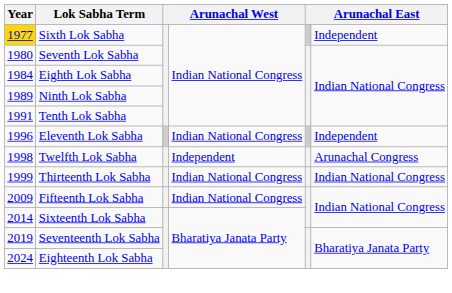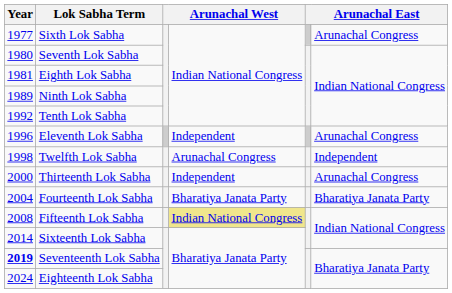 <table class="wikitable">
 <tr>
 <th>Year</th>
 <th>Lok Sabha Term</th>
 <th colspan=2><a href='#'>Arunachal West</a></th>
 <th colspan=2><a href='#'>Arunachal East</a></th>
 </tr>
 <tr>
-<td style="background: gold;"><a href='#'>1977</a></td>
+<td><a href='#'>1977</a></td>
 <td><a href='#'>Sixth Lok Sabha</a></td>
 <th rowspan="5" style="background-color: "></th>
 <td rowspan="5"><a href='#'>Indian National Congress</a></td>
 <th style="background:#CDCDCD; color:white;"></th>
-<td><a href='#'>Independent</a></td>
+<td><a href='#'>Arunachal Congress</a></td>
 </tr>
 <tr>
 <td><a href='#'>1980</a></td>
 <td><a href='#'>Seventh Lok Sabha</a></td>
 <th rowspan="4" style="background-color: "></th>
 <td rowspan="4"><a href='#'>Indian National Congress</a></td>
 </tr>
 <tr>
-<td><a href='#'>1984</a></td>
+<td><a href='#'>1981</a></td>
 <td><a href='#'>Eighth Lok Sabha</a></td>
 </tr>
 <tr>
 <td><a href='#'>1989</a></td>
 <td><a href='#'>Ninth Lok Sabha</a></td>
 </tr>
 <tr>
-<td><a href='#'>1991</a></td>
+<td><a href='#'>1992</a></td>
 <td><a href='#'>Tenth Lok Sabha</a></td>
 </tr>
 <tr>
 <td><a href='#'>1996</a></td>
 <td><a href='#'>Eleventh Lok Sabha</a></td>
 <th style="background:#CDCDCD; color:white;"></th>
-<td><a href='#'>Indian National Congress</a></td>
+<td><a href='#'>Independent</a></td>
 <th style="background:#CDCDCD; color:white;"></th>
-<td><a href='#'>Independent</a></td>
+<td><a href='#'>Arunachal Congress</a></td>
 </tr>
 <tr>
 <td><a href='#'>1998</a></td>
 <td><a href='#'>Twelfth Lok Sabha</a></td>
+<th style="background-color: "></th>
+<td><a href='#'>Arunachal Congress</a></td>
+<th style="background-color: "></th>
+<td><a href='#'>Independent</a></td>
+</tr>
+<tr>
+<td><a href='#'>2000</a></td>
+<td><a href='#'>Thirteenth Lok Sabha</a></td>
 <th style="background-color: "></th>
 <td><a href='#'>Independent</a></td>
 <th style="background-color: "></th>
 <td><a href='#'>Arunachal Congress</a></td>
 </tr>
 <tr>
-<td><a href='#'>1999</a></td>
-<td><a href='#'>Thirteenth Lok Sabha</a></td>
+<td><a href='#'>2004</a></td>
+<td><a href='#'>Fourteenth Lok Sabha</a></td>
 <th style="background-color: "></th>
-<td><a href='#'>Indian National Congress</a></td>
+<td><a href='#'>Bharatiya Janata Party</a></td>
 <th style="background-color: "></th>
-<td><a href='#'>Indian National Congress</a></td>
+<td><a href='#'>Bharatiya Janata Party</a></td>
 </tr>
 <tr>
-<td><a href='#'>2009</a></td>
+<td><a href='#'>2008</a></td>
 <td><a href='#'>Fifteenth Lok Sabha</a></td>
 <th style="background-color: "></th>
-<td><a href='#'>Indian National Congress</a></td>
+<td style="background: khaki;"><a href='#'>Indian National Congress</a></td>
 <th rowspan="2" style="background-color: "></th>
 <td rowspan="2"><a href='#'>Indian National Congress</a></td>
 </tr>
 <tr>
 <td><a href='#'>2014</a></td>
 <td><a href='#'>Sixteenth Lok Sabha</a></td>
 <th rowspan="3" style="background-color: "></th>
 <td rowspan="3"><a href='#'>Bharatiya Janata Party</a></td>
 </tr>
 <tr>
-<td><a href='#'>2019</a></td>
+<td><strong><a href='#'>2019</a></strong></td>
 <td><a href='#'>Seventeenth Lok Sabha</a></td>
 <th rowspan="2" style="background-color: "></th>
 <td rowspan="2"><a href='#'>Bharatiya Janata Party</a></td>
 </tr>
 <tr>
 <td><a href='#'>2024</a></td>
 <td><a href='#'>Eighteenth Lok Sabha</a></td>
 </tr>
 </table>
